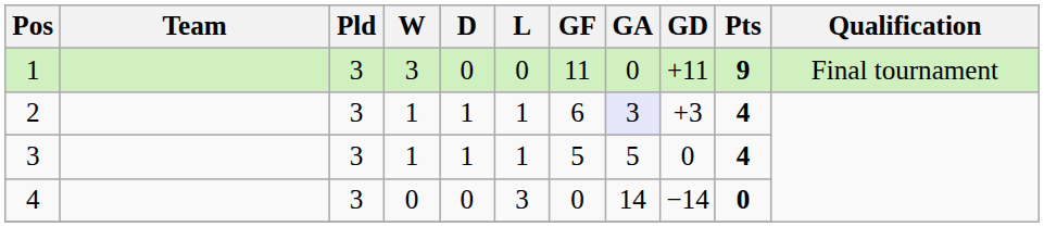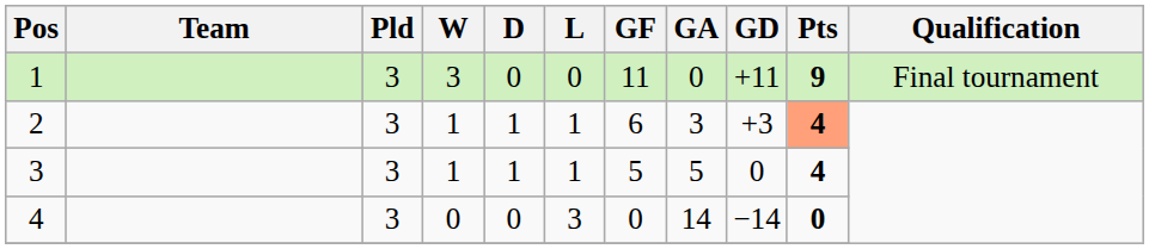 <table class="wikitable" border="1" style="text-align: center;">
 <tr>
 <th width="25"><abbr>Pos</abbr></th>
 <th width="150">Team</th>
 <th width="25"><abbr>Pld</abbr></th>
 <th width="25"><abbr>W</abbr></th>
 <th width="25"><abbr>D</abbr></th>
 <th width="25"><abbr>L</abbr></th>
 <th width="25"><abbr>GF</abbr></th>
 <th width="25"><abbr>GA</abbr></th>
 <th width="25"><abbr>GD</abbr></th>
 <th width="25"><abbr>Pts</abbr></th>
 <th width="150">Qualification</th>
 </tr>
 <tr bgcolor= #D0F0C0>
 <td>1</td>
 <td align="left"></td>
 <td>3</td>
 <td>3</td>
 <td>0</td>
 <td>0</td>
 <td>11</td>
 <td>0</td>
 <td>+11</td>
 <td><strong>9</strong></td>
 <td>Final tournament</td>
 </tr>
 <tr>
 <td>2</td>
 <td align="left"></td>
 <td>3</td>
 <td>1</td>
 <td>1</td>
 <td>1</td>
 <td>6</td>
-<td style="background: lavender;">3</td>
+<td>3</td>
 <td>+3</td>
-<td><strong>4</strong></td>
+<td style="background: lightsalmon;"><strong>4</strong></td>
 </tr>
 <tr>
 <td>3</td>
 <td align="left"></td>
 <td>3</td>
 <td>1</td>
 <td>1</td>
 <td>1</td>
 <td>5</td>
 <td>5</td>
 <td>0</td>
 <td><strong>4</strong></td>
 </tr>
 <tr>
 <td>4</td>
 <td align="left"></td>
 <td>3</td>
 <td>0</td>
 <td>0</td>
 <td>3</td>
 <td>0</td>
 <td>14</td>
 <td>−14</td>
 <td><strong>0</strong></td>
 </tr>
 <tr>
 </tr>
 </table>
